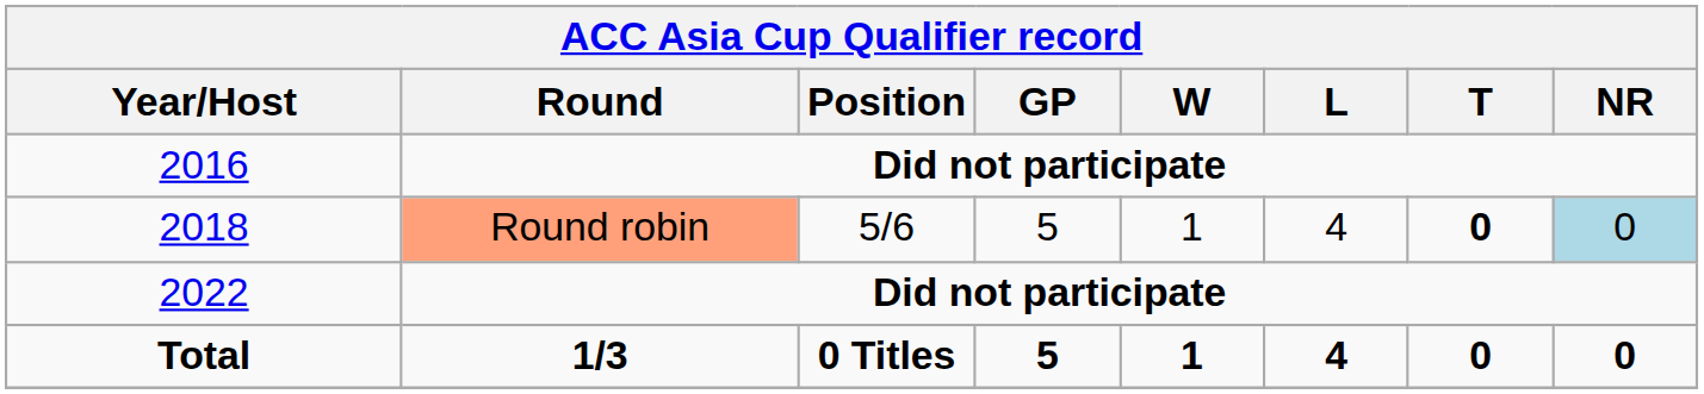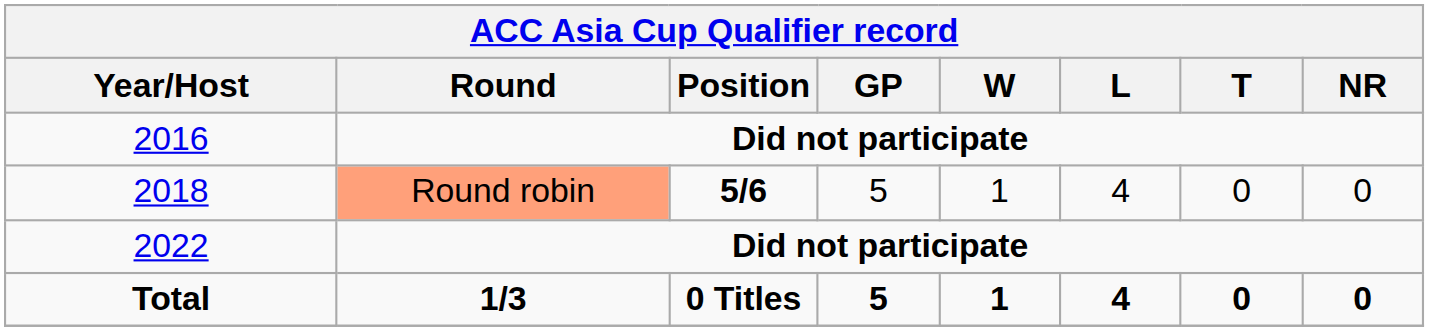 <table class="wikitable" style="text-align: center;">
 <tr>
 <th colspan=8><a href='#'>ACC Asia Cup Qualifier record</a></th>
 </tr>
 <tr>
 <th width=150>Year/Host</th>
 <th width=150>Round</th>
 <th width=50>Position</th>
 <th width=50>GP</th>
 <th width=50>W</th>
 <th width=50>L</th>
 <th width=50>T</th>
 <th width=50>NR</th>
 </tr>
 <tr>
 <td> <a href='#'>2016</a></td>
 <td colspan="7" rowspan="1"><strong>Did not participate</strong></td>
 </tr>
 <tr>
 <td> <a href='#'>2018</a></td>
 <td style="background: lightsalmon;">Round robin</td>
-<td>5/6</td>
+<td><strong>5/6</strong></td>
 <td>5</td>
 <td>1</td>
 <td>4</td>
-<td><strong>0</strong></td>
-<td style="background: lightblue;">0</td>
+<td>0</td>
+<td>0</td>
 </tr>
 <tr>
 <td> <a href='#'>2022</a></td>
 <td colspan="7" rowspan="1"><strong>Did not participate</strong></td>
 </tr>
 <tr>
 <td><strong>Total</strong></td>
 <td><strong>1/3</strong></td>
 <td><strong>0 Titles</strong></td>
 <td><strong>5</strong></td>
 <td><strong>1</strong></td>
 <td><strong>4</strong></td>
 <td><strong>0</strong></td>
 <td><strong>0</strong></td>
 </tr>
 <tr>
 </tr>
 </table>
